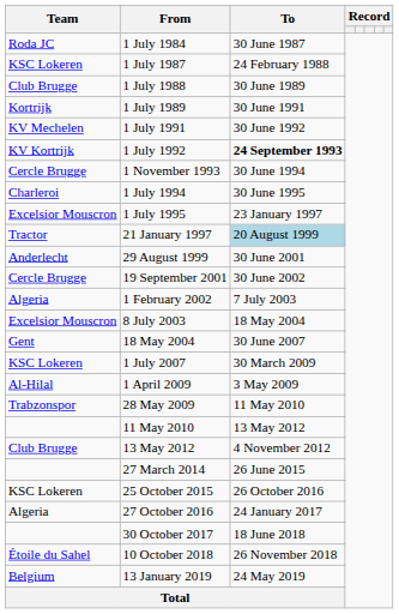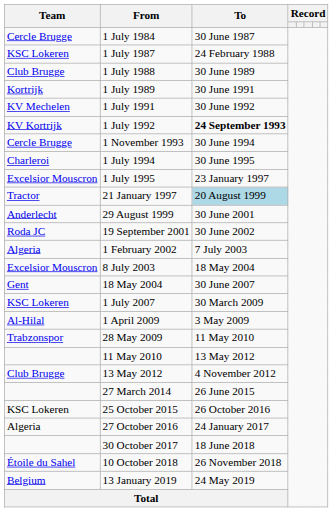 <table class="wikitable" style="text-align: center">
 <tr>
 <th rowspan="2">Team</th>
 <th rowspan="2">From</th>
 <th rowspan="2">To</th>
 <th colspan="5">Record</th>
 </tr>
 <tr>
 <th></th>
 <th></th>
 <th></th>
 <th></th>
 <th></th>
 </tr>
 <tr>
-<td align=left> <a href='#'>Roda JC</a></td>
+<td align=left> <a href='#'>Cercle Brugge</a></td>
 <td align=left>1 July 1984</td>
 <td align=left>30 June 1987<br></td>
 </tr>
 <tr>
 <td align=left> <a href='#'>KSC Lokeren</a></td>
 <td align=left>1 July 1987</td>
 <td align=left>24 February 1988<br></td>
 </tr>
 <tr>
 <td align=left> <a href='#'>Club Brugge</a></td>
 <td align=left>1 July 1988</td>
 <td align=left>30 June 1989<br></td>
 </tr>
 <tr>
 <td align=left> <a href='#'>Kortrijk</a></td>
 <td align=left>1 July 1989</td>
 <td align=left>30 June 1991<br></td>
 </tr>
 <tr>
 <td align=left> <a href='#'>KV Mechelen</a></td>
 <td align=left>1 July 1991</td>
 <td align=left>30 June 1992<br></td>
 </tr>
 <tr>
 <td align=left> <a href='#'>KV Kortrijk</a></td>
 <td align=left>1 July 1992</td>
 <td align=left><strong>24 September 1993<br></strong></td>
 </tr>
 <tr>
 <td align=left> <a href='#'>Cercle Brugge</a></td>
 <td align=left>1 November 1993</td>
 <td align=left>30 June 1994<br></td>
 </tr>
 <tr>
 <td align=left> <a href='#'>Charleroi</a></td>
 <td align=left>1 July 1994</td>
 <td align=left>30 June 1995<br></td>
 </tr>
 <tr>
 <td align=left> <a href='#'>Excelsior Mouscron</a></td>
 <td align=left>1 July 1995</td>
 <td align=left>23 January 1997<br></td>
 </tr>
 <tr>
 <td align=left> <a href='#'>Tractor</a></td>
 <td align=left>21 January 1997</td>
 <td align=left style="background: lightblue;">20 August 1999<br></td>
 </tr>
 <tr>
 <td align=left> <a href='#'>Anderlecht</a></td>
 <td align=left>29 August 1999</td>
 <td align=left>30 June 2001<br></td>
 </tr>
 <tr>
-<td align=left> <a href='#'>Cercle Brugge</a></td>
+<td align=left> <a href='#'>Roda JC</a></td>
 <td align=left>19 September 2001</td>
 <td align=left>30 June 2002<br></td>
 </tr>
 <tr>
 <td align=left> <a href='#'>Algeria</a></td>
 <td align=left>1 February 2002</td>
 <td align=left>7 July 2003<br></td>
 </tr>
 <tr>
 <td align=left> <a href='#'>Excelsior Mouscron</a></td>
 <td align=left>8 July 2003</td>
 <td align=left>18 May 2004<br></td>
 </tr>
 <tr>
 <td align=left> <a href='#'>Gent</a></td>
 <td align=left>18 May 2004</td>
 <td align=left>30 June 2007<br></td>
 </tr>
 <tr>
 <td align=left> <a href='#'>KSC Lokeren</a></td>
 <td align=left>1 July 2007</td>
 <td align=left>30 March 2009<br></td>
 </tr>
 <tr>
 <td align=left> <a href='#'>Al-Hilal</a></td>
 <td align=left>1 April 2009</td>
 <td align=left>3 May 2009<br></td>
 </tr>
 <tr>
 <td align=left> <a href='#'>Trabzonspor</a></td>
 <td align=left>28 May 2009</td>
 <td align=left>11 May 2010<br></td>
 </tr>
 <tr>
 <td align=left></td>
 <td align=left>11 May 2010</td>
 <td align=left>13 May 2012<br></td>
 </tr>
 <tr>
 <td align=left> <a href='#'>Club Brugge</a></td>
 <td align=left>13 May 2012</td>
 <td align=left>4 November 2012<br></td>
 </tr>
 <tr>
 <td align=left></td>
 <td align=left>27 March 2014</td>
 <td align=left>26 June 2015<br></td>
 </tr>
 <tr>
 <td align=left> KSC Lokeren</td>
 <td align=left>25 October 2015</td>
 <td align=left>26 October 2016<br></td>
 </tr>
 <tr>
 <td align=left> Algeria</td>
 <td align=left>27 October 2016</td>
 <td align=left>24 January 2017<br></td>
 </tr>
 <tr>
 <td align=left></td>
 <td align=left>30 October 2017</td>
 <td align=left>18 June 2018<br></td>
 </tr>
 <tr>
 <td align=left> <a href='#'>Étoile du Sahel</a></td>
 <td align=left>10 October 2018</td>
 <td align=left>26 November 2018<br></td>
 </tr>
 <tr>
 <td align=left> <a href='#'>Belgium</a></td>
 <td align=left>13 January 2019</td>
 <td align=left>24 May 2019<br></td>
 </tr>
 <tr>
 <th colspan=3>Total<br></th>
 </tr>
 </table>
